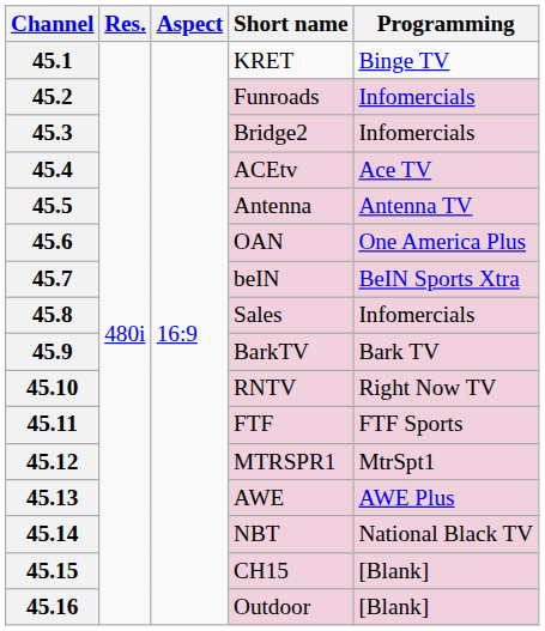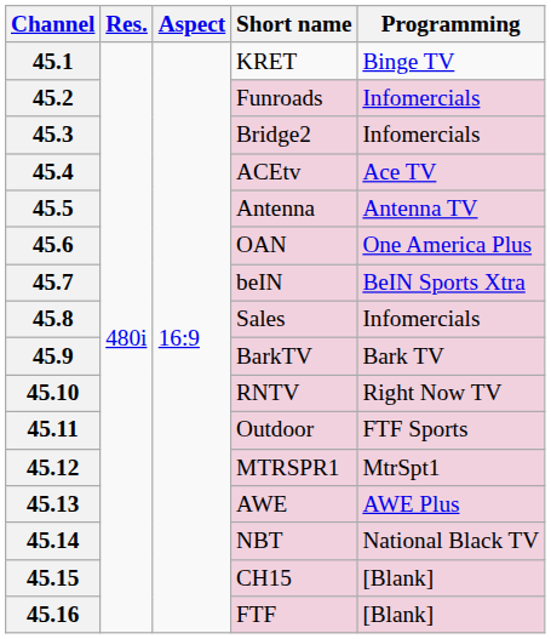 <table class="wikitable">
 <tr>
 <th scope = "col"><a href='#'>Channel</a></th>
 <th scope = "col"><a href='#'>Res.</a></th>
 <th scope = "col"><a href='#'>Aspect</a></th>
 <th scope = "col">Short name</th>
 <th scope = "col">Programming</th>
 </tr>
 <tr>
 <th scope = "row">45.1</th>
 <td rowspan="16"><a href='#'>480i</a></td>
 <td rowspan="16"><a href='#'>16:9</a></td>
 <td>KRET</td>
 <td><a href='#'>Binge TV</a></td>
 </tr>
 <tr>
 <th scope = "row">45.2</th>
 <td style="background-color: #f2d1de;">Funroads</td>
 <td style="background-color: #f2d1de;"><a href='#'>Infomercials</a> </td>
 </tr>
 <tr>
 <th scope = "row">45.3</th>
 <td style="background-color: #f2d1de;">Bridge2</td>
 <td style="background-color: #f2d1de;">Infomercials </td>
 </tr>
 <tr>
 <th scope= "row">45.4</th>
 <td style="background-color: #f2d1de;">ACEtv</td>
 <td style="background-color: #f2d1de;"><a href='#'>Ace TV</a> </td>
 </tr>
 <tr>
 <th scope= "row">45.5</th>
 <td style="background-color: #f2d1de;">Antenna</td>
 <td style="background-color: #f2d1de;"><a href='#'>Antenna TV</a> </td>
 </tr>
 <tr>
 <th scope = "row">45.6</th>
 <td style="background-color: #f2d1de;">OAN</td>
 <td style="background-color: #f2d1de;"><a href='#'>One America Plus</a> </td>
 </tr>
 <tr>
 <th scope = "row">45.7</th>
 <td style="background-color: #f2d1de;">beIN</td>
 <td style="background-color: #f2d1de;"><a href='#'>BeIN Sports Xtra</a> </td>
 </tr>
 <tr>
 <th scope = "row">45.8</th>
 <td style="background-color: #f2d1de;">Sales</td>
 <td style="background-color: #f2d1de;">Infomercials </td>
 </tr>
 <tr>
 <th scope = "row">45.9</th>
 <td style="background-color: #f2d1de;">BarkTV</td>
 <td style="background-color: #f2d1de;">Bark TV </td>
 </tr>
 <tr>
 <th scope = "row">45.10</th>
 <td style="background-color: #f2d1de;">RNTV</td>
 <td style="background-color: #f2d1de;">Right Now TV </td>
 </tr>
 <tr>
 <th scope = "row">45.11</th>
-<td style="background-color: #f2d1de;">FTF</td>
+<td style="background-color: #f2d1de;">Outdoor</td>
 <td style="background-color: #f2d1de;">FTF Sports </td>
 </tr>
 <tr>
 <th scope = "row">45.12</th>
 <td style="background-color: #f2d1de;">MTRSPR1</td>
 <td style="background-color: #f2d1de;">MtrSpt1 </td>
 </tr>
 <tr>
 <th scope = "row">45.13</th>
 <td style="background-color: #f2d1de;">AWE</td>
 <td style="background-color: #f2d1de;"><a href='#'>AWE Plus</a> </td>
 </tr>
 <tr>
 <th scope = "row">45.14</th>
 <td style="background-color: #f2d1de;">NBT</td>
 <td style="background-color: #f2d1de;">National Black TV </td>
 </tr>
 <tr>
 <th scope = "row">45.15</th>
 <td style="background-color: #f2d1de;">CH15</td>
 <td style="background-color: #f2d1de;">[Blank] </td>
 </tr>
 <tr>
 <th scope = "row">45.16</th>
-<td style="background-color: #f2d1de;">Outdoor</td>
+<td style="background-color: #f2d1de;">FTF</td>
 <td style="background-color: #f2d1de;">[Blank] </td>
 </tr>
 </table>
